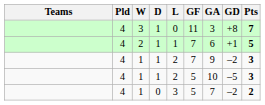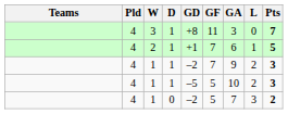 <table class="wikitable" style="text-align: center;">
 <tr>
 <th width=165>Teams</th>
 <th width=20>Pld</th>
 <th width=20>W</th>
 <th width=20>D</th>
-<th width=20>L</th>
+<th width=20>GD</th>
 <th width=20>GF</th>
 <th width=20>GA</th>
-<th width=20>GD</th>
+<th width=20>L</th>
 <th width=20>Pts</th>
 </tr>
 <tr style="text-align:center; background:#cfc;">
 <td style="text-align:left;"></td>
 <td>4</td>
 <td>3</td>
 <td>1</td>
-<td>0</td>
+<td>+8</td>
 <td>11</td>
 <td>3</td>
-<td>+8</td>
+<td>0</td>
 <td><strong>7</strong></td>
 </tr>
 <tr style="text-align:center; background:#cfc;">
 <td style="text-align:left;"></td>
 <td>4</td>
 <td>2</td>
 <td>1</td>
-<td>1</td>
+<td>+1</td>
 <td>7</td>
 <td>6</td>
-<td>+1</td>
+<td>1</td>
 <td><strong>5</strong></td>
 </tr>
 <tr align=center>
 <td style="text-align:left;"></td>
 <td>4</td>
 <td>1</td>
 <td>1</td>
-<td>2</td>
+<td>–2</td>
 <td>7</td>
 <td>9</td>
-<td>–2</td>
+<td>2</td>
 <td><strong>3</strong></td>
 </tr>
 <tr align=center>
 <td style="text-align:left;"></td>
 <td>4</td>
 <td>1</td>
 <td>1</td>
-<td>2</td>
+<td>–5</td>
 <td>5</td>
 <td>10</td>
-<td>–5</td>
+<td>2</td>
 <td><strong>3</strong></td>
 </tr>
 <tr align=center>
 <td style="text-align:left;"></td>
 <td>4</td>
 <td>1</td>
 <td>0</td>
-<td>3</td>
+<td>–2</td>
 <td>5</td>
 <td>7</td>
-<td>–2</td>
+<td>3</td>
 <td><strong>2</strong></td>
 </tr>
 </table>
